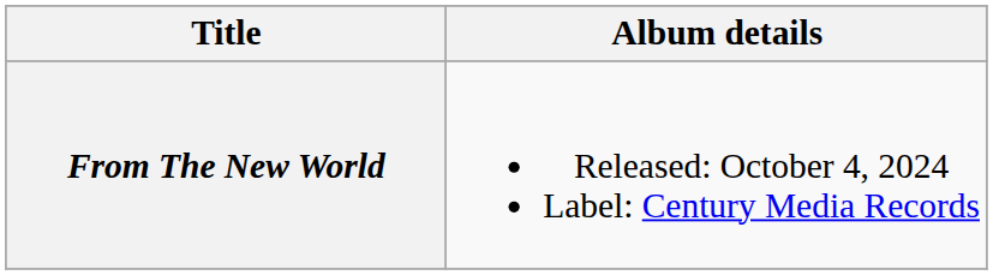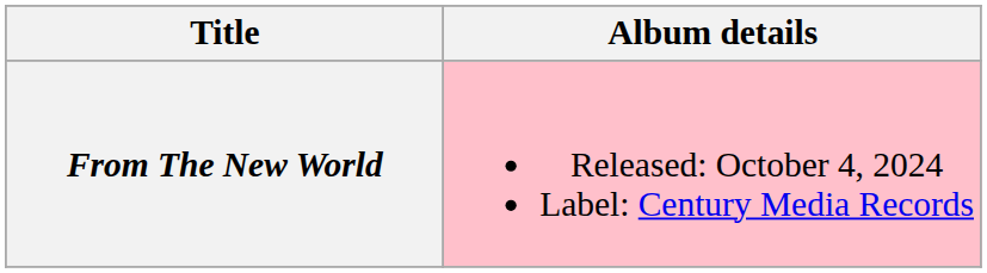 <table class="wikitable plainrowheaders" style="text-align:center;">
 <tr>
 <th scope="col" rowspan="1" style="width:12em;">Title</th>
 <th scope="col" rowspan="1">Album details</th>
 </tr>
 <tr>
 <th scope="row"><em>From The New World</em></th>
-<td><br><ul><li>Released: October 4, 2024</li><li>Label: <a href='#'>Century Media Records</a></li></ul></td>
+<td style="background: pink;"><br><ul><li>Released: October 4, 2024</li><li>Label: <a href='#'>Century Media Records</a></li></ul></td>
 </tr>
 </table>
